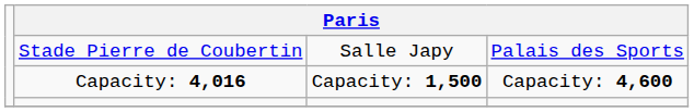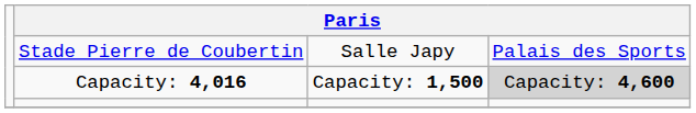 <table class="wikitable" style="text-align:center">
 <tr>
 <td rowspan=4></td>
 <th colspan=3><a href='#'>Paris</a></th>
 </tr>
 <tr>
 <td><a href='#'>Stade Pierre de Coubertin</a></td>
 <td>Salle Japy</td>
 <td><a href='#'>Palais des Sports</a></td>
 </tr>
 <tr>
 <td>Capacity: <strong>4,016</strong></td>
 <td>Capacity: <strong>1,500</strong></td>
-<td>Capacity: <strong>4,600</strong></td>
+<td style="background: lightgrey;">Capacity: <strong>4,600</strong></td>
 </tr>
 <tr>
 <td></td>
 <td></td>
 <td></td>
 </tr>
 <tr>
 </tr>
 </table>
